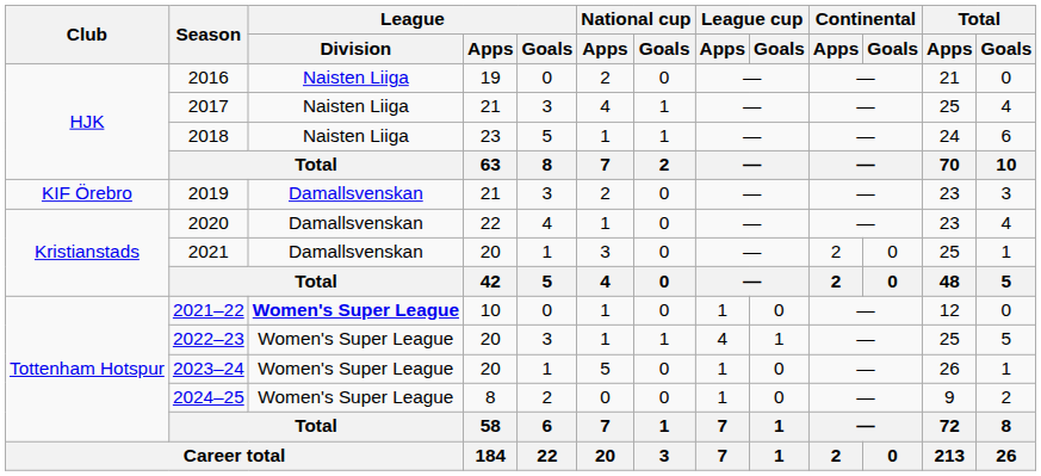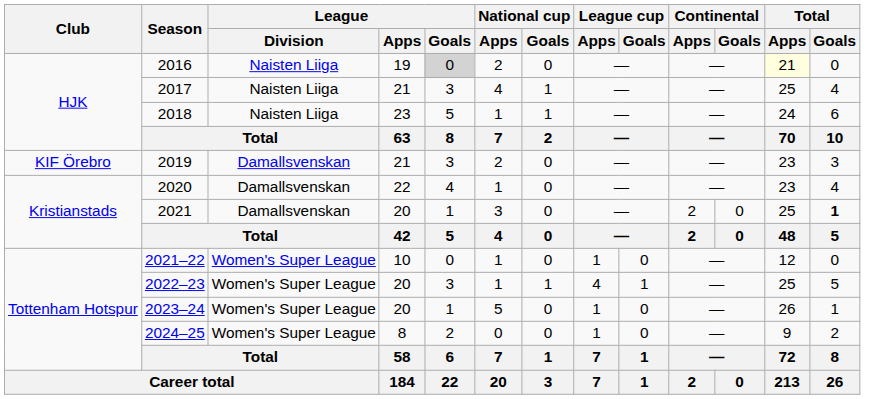 <table class="wikitable" style="text-align:center">
 <tr>
 <th rowspan="2">Club</th>
 <th rowspan="2">Season</th>
 <th colspan="3">League</th>
 <th colspan="2">National cup</th>
 <th colspan="2">League cup</th>
 <th colspan="2">Continental</th>
 <th colspan="2">Total</th>
 </tr>
 <tr>
 <th>Division</th>
 <th>Apps</th>
 <th>Goals</th>
 <th>Apps</th>
 <th>Goals</th>
 <th>Apps</th>
 <th>Goals</th>
 <th>Apps</th>
 <th>Goals</th>
 <th>Apps</th>
 <th>Goals</th>
 </tr>
 <tr>
 <td rowspan="4"><a href='#'>HJK</a></td>
 <td>2016</td>
 <td><a href='#'>Naisten Liiga</a></td>
 <td>19</td>
-<td>0</td>
+<td style="background: lightgrey;">0</td>
 <td>2</td>
 <td>0</td>
 <td colspan="2">—</td>
 <td colspan="2">—</td>
-<td>21</td>
+<td style="background: lightyellow;">21</td>
 <td>0</td>
 </tr>
 <tr>
 <td>2017</td>
 <td>Naisten Liiga</td>
 <td>21</td>
 <td>3</td>
 <td>4</td>
 <td>1</td>
 <td colspan="2">—</td>
 <td colspan="2">—</td>
 <td>25</td>
 <td>4</td>
 </tr>
 <tr>
 <td>2018</td>
 <td>Naisten Liiga</td>
 <td>23</td>
 <td>5</td>
 <td>1</td>
 <td>1</td>
 <td colspan="2">—</td>
 <td colspan="2">—</td>
 <td>24</td>
 <td>6</td>
 </tr>
 <tr>
 <th colspan="2">Total</th>
 <th>63</th>
 <th>8</th>
 <th>7</th>
 <th>2</th>
 <th colspan="2">—</th>
 <th colspan="2">—</th>
 <th>70</th>
 <th>10</th>
 </tr>
 <tr>
 <td><a href='#'>KIF Örebro</a></td>
 <td>2019</td>
 <td><a href='#'>Damallsvenskan</a></td>
 <td>21</td>
 <td>3</td>
 <td>2</td>
 <td>0</td>
 <td colspan="2">—</td>
 <td colspan="2">—</td>
 <td>23</td>
 <td>3</td>
 </tr>
 <tr>
 <td rowspan="3"><a href='#'>Kristianstads</a></td>
 <td>2020</td>
 <td>Damallsvenskan</td>
 <td>22</td>
 <td>4</td>
 <td>1</td>
 <td>0</td>
 <td colspan="2">—</td>
 <td colspan="2">—</td>
 <td>23</td>
 <td>4</td>
 </tr>
 <tr>
 <td>2021</td>
 <td>Damallsvenskan</td>
 <td>20</td>
 <td>1</td>
 <td>3</td>
 <td>0</td>
 <td colspan="2">—</td>
 <td>2</td>
 <td>0</td>
 <td>25</td>
-<td>1</td>
+<td><strong>1</strong></td>
 </tr>
 <tr>
 <th colspan="2">Total</th>
 <th>42</th>
 <th>5</th>
 <th>4</th>
 <th>0</th>
 <th colspan="2">—</th>
 <th>2</th>
 <th>0</th>
 <th>48</th>
 <th>5</th>
 </tr>
 <tr>
 <td rowspan="5"><a href='#'>Tottenham Hotspur</a></td>
 <td><a href='#'>2021–22</a></td>
-<td><strong><a href='#'>Women's Super League</a></strong></td>
+<td><a href='#'>Women's Super League</a></td>
 <td>10</td>
 <td>0</td>
 <td>1</td>
 <td>0</td>
 <td>1</td>
 <td>0</td>
 <td colspan="2">—</td>
 <td>12</td>
 <td>0</td>
 </tr>
 <tr>
 <td><a href='#'>2022–23</a></td>
 <td>Women's Super League</td>
 <td>20</td>
 <td>3</td>
 <td>1</td>
 <td>1</td>
 <td>4</td>
 <td>1</td>
 <td colspan="2">—</td>
 <td>25</td>
 <td>5</td>
 </tr>
 <tr>
 <td><a href='#'>2023–24</a></td>
 <td>Women's Super League</td>
 <td>20</td>
 <td>1</td>
 <td>5</td>
 <td>0</td>
 <td>1</td>
 <td>0</td>
 <td colspan="2">—</td>
 <td>26</td>
 <td>1</td>
 </tr>
 <tr>
 <td><a href='#'>2024–25</a></td>
 <td>Women's Super League</td>
 <td>8</td>
 <td>2</td>
 <td>0</td>
 <td>0</td>
 <td>1</td>
 <td>0</td>
 <td colspan="2">—</td>
 <td>9</td>
 <td>2</td>
 </tr>
 <tr>
 <th colspan="2">Total</th>
 <th>58</th>
 <th>6</th>
 <th>7</th>
 <th>1</th>
 <th>7</th>
 <th>1</th>
 <th colspan="2">—</th>
 <th>72</th>
 <th>8</th>
 </tr>
 <tr>
 <th colspan="3">Career total</th>
 <th>184</th>
 <th>22</th>
 <th>20</th>
 <th>3</th>
 <th>7</th>
 <th>1</th>
 <th>2</th>
 <th>0</th>
 <th>213</th>
 <th>26</th>
 </tr>
 </table>
